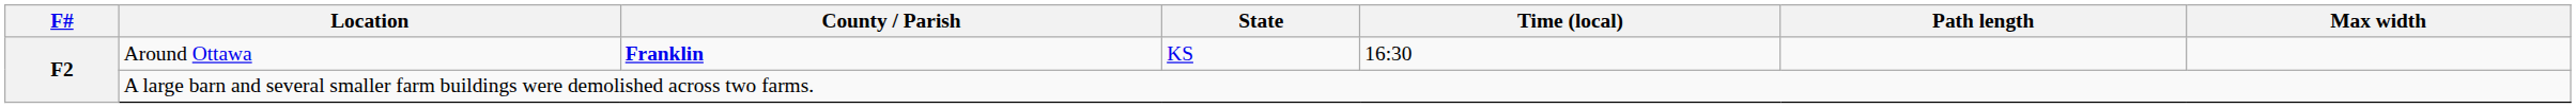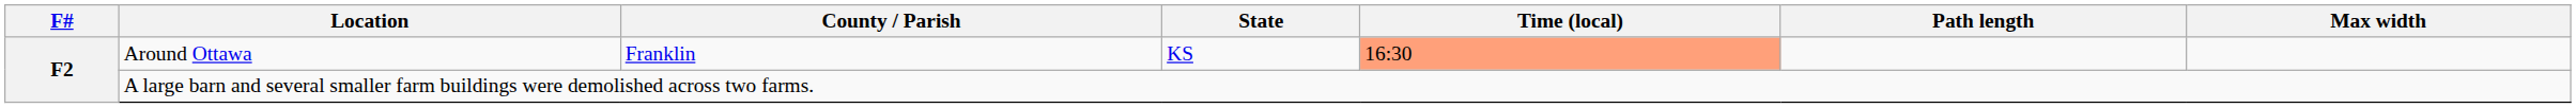 <table class="wikitable sortable" style="width:100%;">
 <tr>
 <th scope="col" align="center"><a href='#'>F#</a><br></th>
 <th scope="col" align="center" class="unsortable">Location</th>
 <th scope="col" align="center" class="unsortable">County / Parish</th>
 <th scope="col" align="center">State</th>
 <th scope="col" align="center">Time (local)</th>
 <th scope="col" align="center">Path length</th>
 <th scope="col" align="center">Max width</th>
 </tr>
 <tr>
 <th scope="row" rowspan="2" style="background-color:#">F2</th>
 <td>Around <a href='#'>Ottawa</a></td>
-<td><strong><a href='#'>Franklin</a></strong></td>
+<td><a href='#'>Franklin</a></td>
 <td><a href='#'>KS</a></td>
-<td>16:30</td>
+<td style="background: lightsalmon;">16:30</td>
 <td></td>
 <td></td>
 </tr>
 <tr class="expand-child">
 <td colspan="6" style=" border-bottom: 1px solid black;">A large barn and several smaller farm buildings were demolished across two farms.</td>
 </tr>
 </table>
